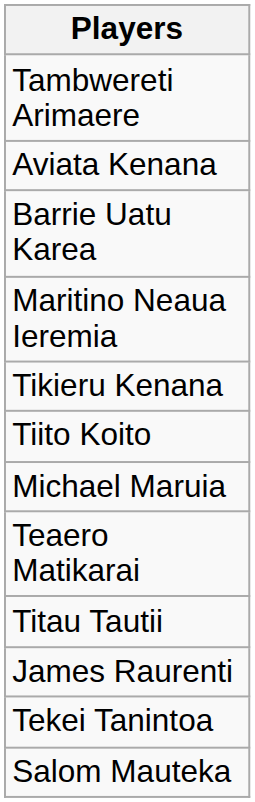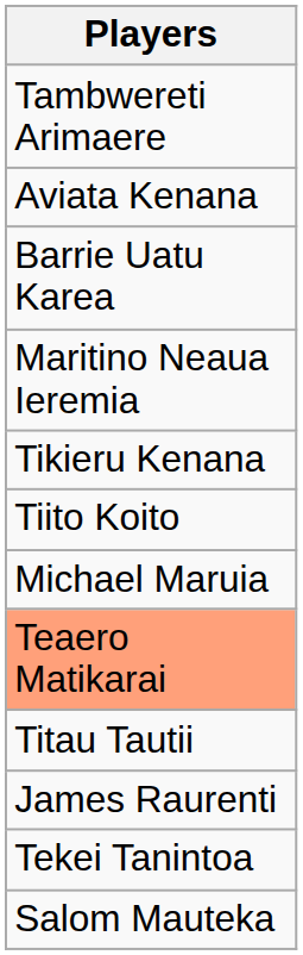 <table class="wikitable" style="width:20%">
 <tr>
 <th>Players</th>
 </tr>
 <tr>
 <td>Tambwereti Arimaere</td>
 </tr>
 <tr>
 <td>Aviata Kenana</td>
 </tr>
 <tr>
 <td>Barrie Uatu Karea</td>
 </tr>
 <tr>
 <td>Maritino Neaua Ieremia</td>
 </tr>
 <tr>
 <td>Tikieru Kenana</td>
 </tr>
 <tr>
 <td>Tiito Koito</td>
 </tr>
 <tr>
 <td>Michael Maruia</td>
 </tr>
 <tr>
-<td>Teaero Matikarai</td>
+<td style="background: lightsalmon;">Teaero Matikarai</td>
 </tr>
 <tr>
 <td>Titau Tautii</td>
 </tr>
 <tr>
 <td>James Raurenti</td>
 </tr>
 <tr>
 <td>Tekei Tanintoa</td>
 </tr>
 <tr>
 <td>Salom Mauteka</td>
 </tr>
 </table>
